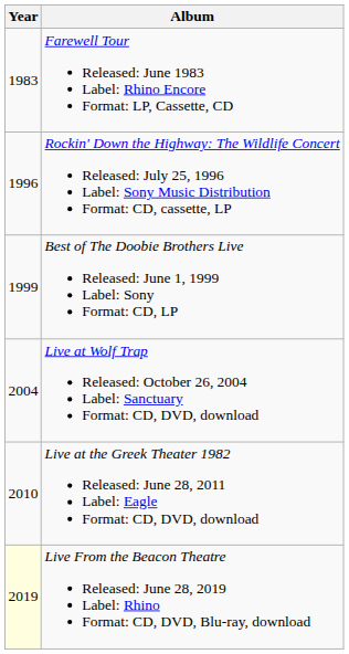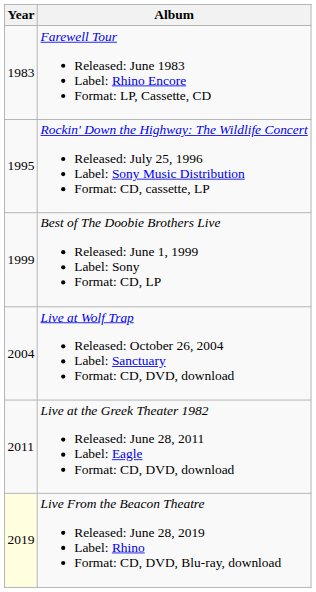 <table class="wikitable">
 <tr>
 <th>Year</th>
 <th>Album</th>
 </tr>
 <tr>
 <td>1983</td>
 <td><em><a href='#'>Farewell Tour</a></em><br><ul><li>Released: June 1983</li><li>Label: <a href='#'>Rhino Encore</a></li><li>Format: LP, Cassette, CD</li></ul></td>
 </tr>
 <tr>
-<td>1996</td>
+<td>1995</td>
 <td><em><a href='#'>Rockin' Down the Highway: The Wildlife Concert</a></em><br><ul><li>Released: July 25, 1996</li><li>Label: <a href='#'>Sony Music Distribution</a></li><li>Format: CD, cassette, LP</li></ul></td>
 </tr>
 <tr>
 <td>1999</td>
 <td><em>Best of The Doobie Brothers Live</em><br><ul><li>Released: June 1, 1999</li><li>Label: Sony</li><li>Format: CD, LP</li></ul></td>
 </tr>
 <tr>
 <td>2004</td>
 <td><em><a href='#'>Live at Wolf Trap</a></em><br><ul><li>Released: October 26, 2004</li><li>Label: <a href='#'>Sanctuary</a></li><li>Format: CD, DVD, download</li></ul></td>
 </tr>
 <tr>
-<td>2010</td>
+<td>2011</td>
 <td><em>Live at the Greek Theater 1982</em><br><ul><li>Released: June 28, 2011</li><li>Label: <a href='#'>Eagle</a></li><li>Format: CD, DVD, download</li></ul></td>
 </tr>
 <tr>
 <td style="background: lightyellow;">2019</td>
 <td><em>Live From the Beacon Theatre</em><br><ul><li>Released: June 28, 2019</li><li>Label: <a href='#'>Rhino</a></li><li>Format: CD, DVD, Blu-ray, download</li></ul></td>
 </tr>
 </table>
